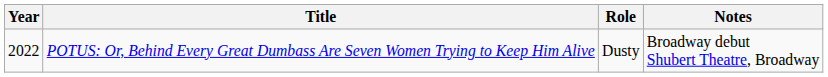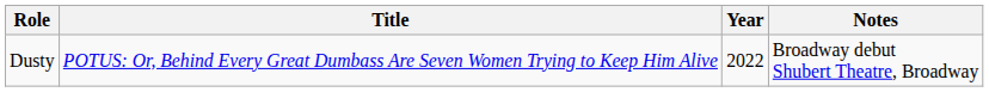 <table class="wikitable sortable plainrowheaders">
 <tr>
+<th scope="col">Role</th>
+<th scope="col">Title</th>
 <th scope="col">Year</th>
-<th scope="col">Title</th>
-<th scope="col">Role</th>
 <th scope="col" class="unsortable">Notes</th>
 </tr>
 <tr>
+<td>Dusty</td>
+<td><em><a href='#'>POTUS: Or, Behind Every Great Dumbass Are Seven Women Trying to Keep Him Alive</a></em></td>
 <td>2022</td>
-<td><em><a href='#'>POTUS: Or, Behind Every Great Dumbass Are Seven Women Trying to Keep Him Alive</a></em></td>
-<td>Dusty</td>
 <td>Broadway debut <br> <a href='#'>Shubert Theatre</a>, Broadway</td>
 </tr>
 </table>
